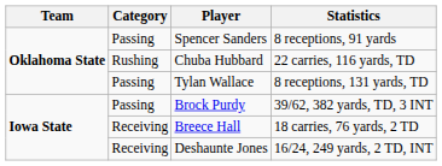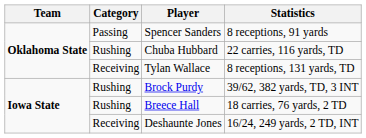 <table class="wikitable" style="float: right;">
 <tr>
 <th>Team</th>
 <th>Category</th>
 <th>Player</th>
 <th>Statistics</th>
 </tr>
 <tr>
 <td rowspan=3><strong>Oklahoma State</strong></td>
 <td>Passing</td>
 <td>Spencer Sanders</td>
 <td>8 receptions, 91 yards</td>
 </tr>
 <tr>
 <td>Rushing</td>
 <td>Chuba Hubbard</td>
 <td>22 carries, 116 yards, TD</td>
 </tr>
 <tr>
-<td>Passing</td>
+<td>Receiving</td>
 <td>Tylan Wallace</td>
 <td>8 receptions, 131 yards, TD</td>
 </tr>
 <tr>
 <td rowspan=3><strong>Iowa State</strong></td>
-<td>Passing</td>
+<td>Rushing</td>
 <td><a href='#'>Brock Purdy</a></td>
 <td>39/62, 382 yards, TD, 3 INT</td>
 </tr>
 <tr>
-<td>Receiving</td>
+<td>Rushing</td>
 <td><a href='#'>Breece Hall</a></td>
 <td>18 carries, 76 yards, 2 TD</td>
 </tr>
 <tr>
 <td>Receiving</td>
 <td>Deshaunte Jones</td>
 <td>16/24, 249 yards, 2 TD, INT</td>
 </tr>
 </table>
